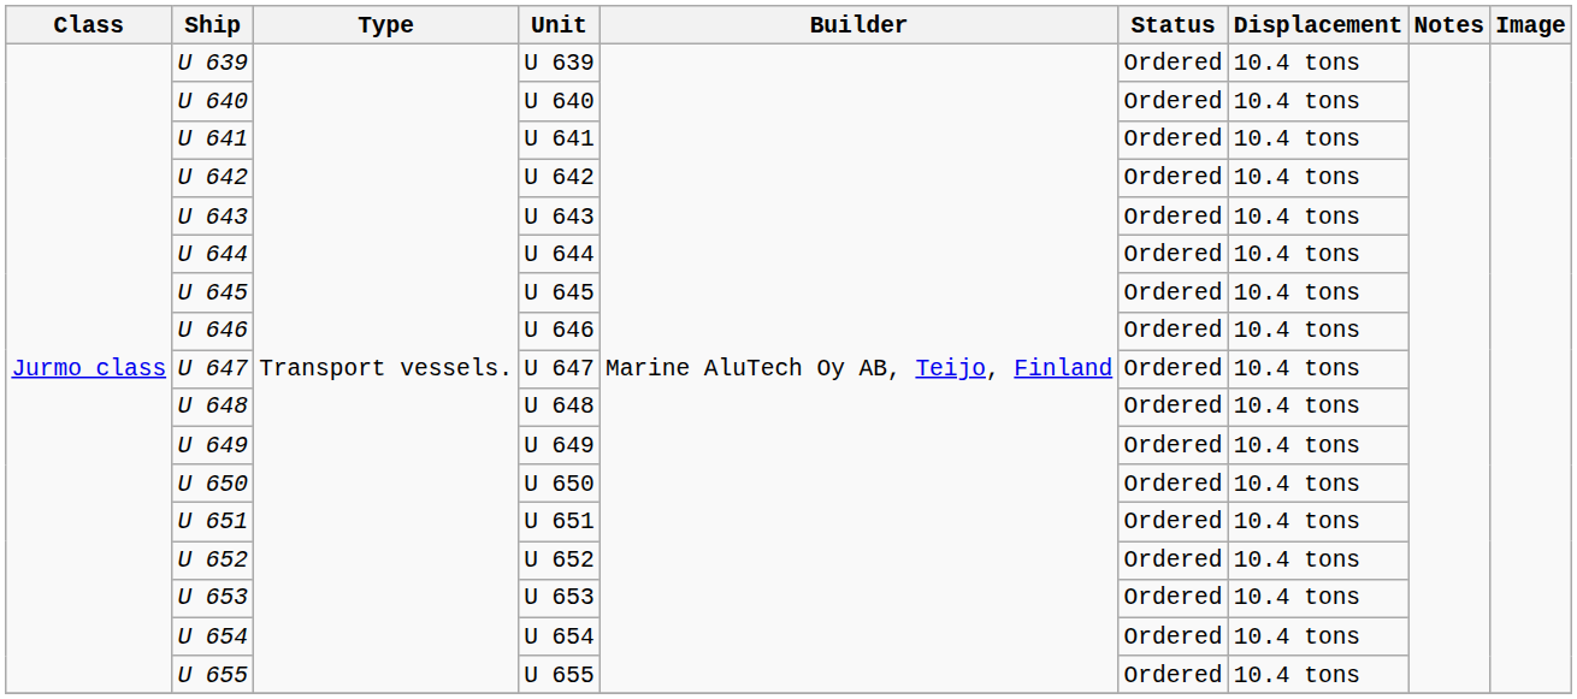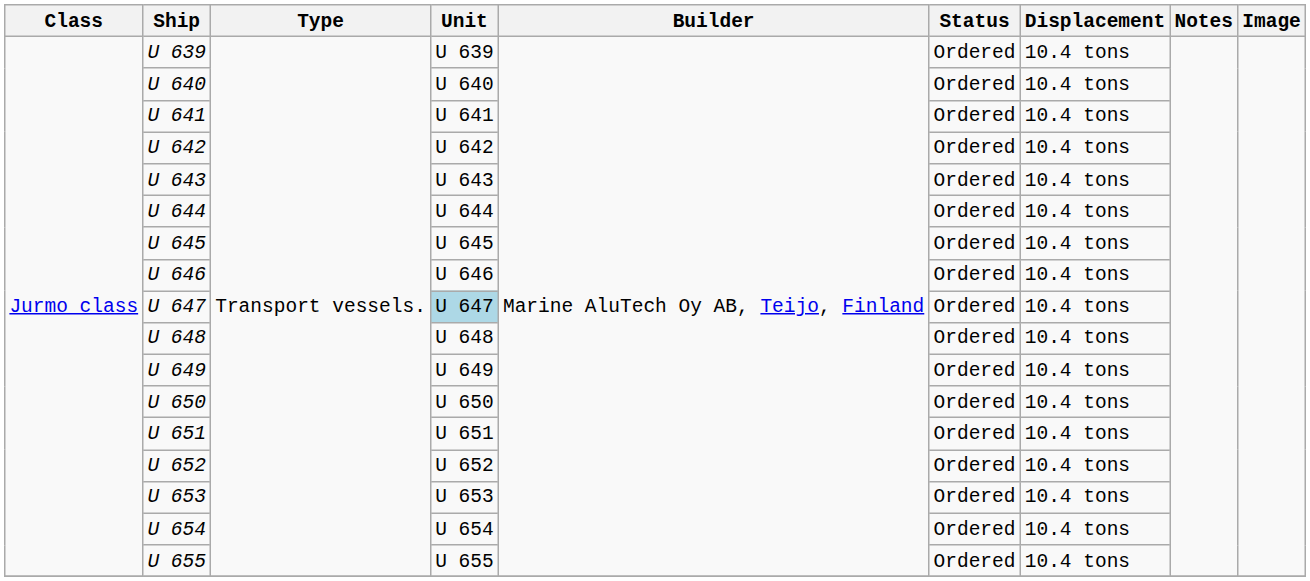 <table class="wikitable">
 <tr>
 <th>Class</th>
 <th>Ship</th>
 <th>Type</th>
 <th>Unit</th>
 <th>Builder</th>
 <th>Status</th>
 <th>Displacement</th>
 <th>Notes</th>
 <th>Image</th>
 </tr>
 <tr>
 <td rowspan="17"><a href='#'>Jurmo class</a></td>
 <td><em>U 639</em></td>
 <td rowspan="17">Transport vessels.</td>
 <td>U 639</td>
 <td rowspan="17">Marine AluTech Oy AB, <a href='#'>Teijo</a>,  <a href='#'>Finland</a></td>
 <td>Ordered</td>
 <td>10.4 tons</td>
 <td rowspan="17"></td>
 <td rowspan="17"></td>
 </tr>
 <tr>
 <td><em>U 640</em></td>
 <td>U 640</td>
 <td>Ordered</td>
 <td>10.4 tons</td>
 </tr>
 <tr>
 <td><em>U 641</em></td>
 <td>U 641</td>
 <td>Ordered</td>
 <td>10.4 tons</td>
 </tr>
 <tr>
 <td><em>U 642</em></td>
 <td>U 642</td>
 <td>Ordered</td>
 <td>10.4 tons</td>
 </tr>
 <tr>
 <td><em>U 643</em></td>
 <td>U 643</td>
 <td>Ordered</td>
 <td>10.4 tons</td>
 </tr>
 <tr>
 <td><em>U 644</em></td>
 <td>U 644</td>
 <td>Ordered</td>
 <td>10.4 tons</td>
 </tr>
 <tr>
 <td><em>U 645</em></td>
 <td>U 645</td>
 <td>Ordered</td>
 <td>10.4 tons</td>
 </tr>
 <tr>
 <td><em>U 646</em></td>
 <td>U 646</td>
 <td>Ordered</td>
 <td>10.4 tons</td>
 </tr>
 <tr>
 <td><em>U 647</em></td>
-<td>U 647</td>
+<td style="background: lightblue;">U 647</td>
 <td>Ordered</td>
 <td>10.4 tons</td>
 </tr>
 <tr>
 <td><em>U 648</em></td>
 <td>U 648</td>
 <td>Ordered</td>
 <td>10.4 tons</td>
 </tr>
 <tr>
 <td><em>U 649</em></td>
 <td>U 649</td>
 <td>Ordered</td>
 <td>10.4 tons</td>
 </tr>
 <tr>
 <td><em>U 650</em></td>
 <td>U 650</td>
 <td>Ordered</td>
 <td>10.4 tons</td>
 </tr>
 <tr>
 <td><em>U 651</em></td>
 <td>U 651</td>
 <td>Ordered</td>
 <td>10.4 tons</td>
 </tr>
 <tr>
 <td><em>U 652</em></td>
 <td>U 652</td>
 <td>Ordered</td>
 <td>10.4 tons</td>
 </tr>
 <tr>
 <td><em>U 653</em></td>
 <td>U 653</td>
 <td>Ordered</td>
 <td>10.4 tons</td>
 </tr>
 <tr>
 <td><em>U 654</em></td>
 <td>U 654</td>
 <td>Ordered</td>
 <td>10.4 tons</td>
 </tr>
 <tr>
 <td><em>U 655</em></td>
 <td>U 655</td>
 <td>Ordered</td>
 <td>10.4 tons</td>
 </tr>
 <tr>
 </tr>
 </table>
